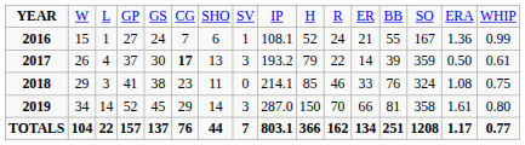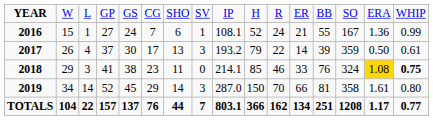 <table class="wikitable">
 <tr align=center>
 <td><strong>YEAR</strong></td>
 <td><a href='#'>W</a></td>
 <td><a href='#'>L</a></td>
 <td><a href='#'>GP</a></td>
 <td><a href='#'>GS</a></td>
 <td><a href='#'>CG</a></td>
 <td><a href='#'>SHO</a></td>
 <td><a href='#'>SV</a></td>
 <td><a href='#'>IP</a></td>
 <td><a href='#'>H</a></td>
 <td><a href='#'>R</a></td>
 <td><a href='#'>ER</a></td>
 <td><a href='#'>BB</a></td>
 <td><a href='#'>SO</a></td>
 <td><a href='#'>ERA</a></td>
 <td><a href='#'>WHIP</a></td>
 </tr>
 <tr align=center>
 <td><strong>2016</strong></td>
 <td>15</td>
 <td>1</td>
 <td>27</td>
 <td>24</td>
 <td>7</td>
 <td>6</td>
 <td>1</td>
 <td>108.1</td>
 <td>52</td>
 <td>24</td>
 <td>21</td>
 <td>55</td>
 <td>167</td>
 <td>1.36</td>
 <td>0.99</td>
 </tr>
 <tr align=center>
 <td><strong>2017</strong></td>
 <td>26</td>
 <td>4</td>
 <td>37</td>
 <td>30</td>
-<td><strong>17</strong></td>
+<td>17</td>
 <td>13</td>
 <td>3</td>
 <td>193.2</td>
 <td>79</td>
 <td>22</td>
 <td>14</td>
 <td>39</td>
 <td>359</td>
 <td>0.50</td>
 <td>0.61</td>
 </tr>
 <tr align=center>
 <td><strong>2018</strong></td>
 <td>29</td>
 <td>3</td>
 <td>41</td>
 <td>38</td>
 <td>23</td>
 <td>11</td>
 <td>0</td>
 <td>214.1</td>
 <td>85</td>
 <td>46</td>
 <td>33</td>
 <td>76</td>
 <td>324</td>
-<td>1.08</td>
-<td>0.75</td>
+<td style="background: gold;">1.08</td>
+<td><strong>0.75</strong></td>
 </tr>
 <tr align=center>
 <td><strong>2019</strong></td>
 <td>34</td>
 <td>14</td>
 <td>52</td>
 <td>45</td>
 <td>29</td>
 <td>14</td>
 <td>3</td>
 <td>287.0</td>
 <td>150</td>
 <td>70</td>
 <td>66</td>
 <td>81</td>
 <td>358</td>
 <td>1.61</td>
 <td>0.80</td>
 </tr>
 <tr align=center>
 <td><strong>TOTALS</strong></td>
 <td><strong>104</strong></td>
 <td><strong>22</strong></td>
 <td><strong>157</strong></td>
 <td><strong>137</strong></td>
 <td><strong>76</strong></td>
 <td><strong>44</strong></td>
 <td><strong>7</strong></td>
 <td><strong>803.1</strong></td>
 <td><strong>366</strong></td>
 <td><strong>162</strong></td>
 <td><strong>134</strong></td>
 <td><strong>251</strong></td>
 <td><strong>1208</strong></td>
 <td><strong>1.17</strong></td>
 <td><strong>0.77</strong></td>
 </tr>
 </table>
